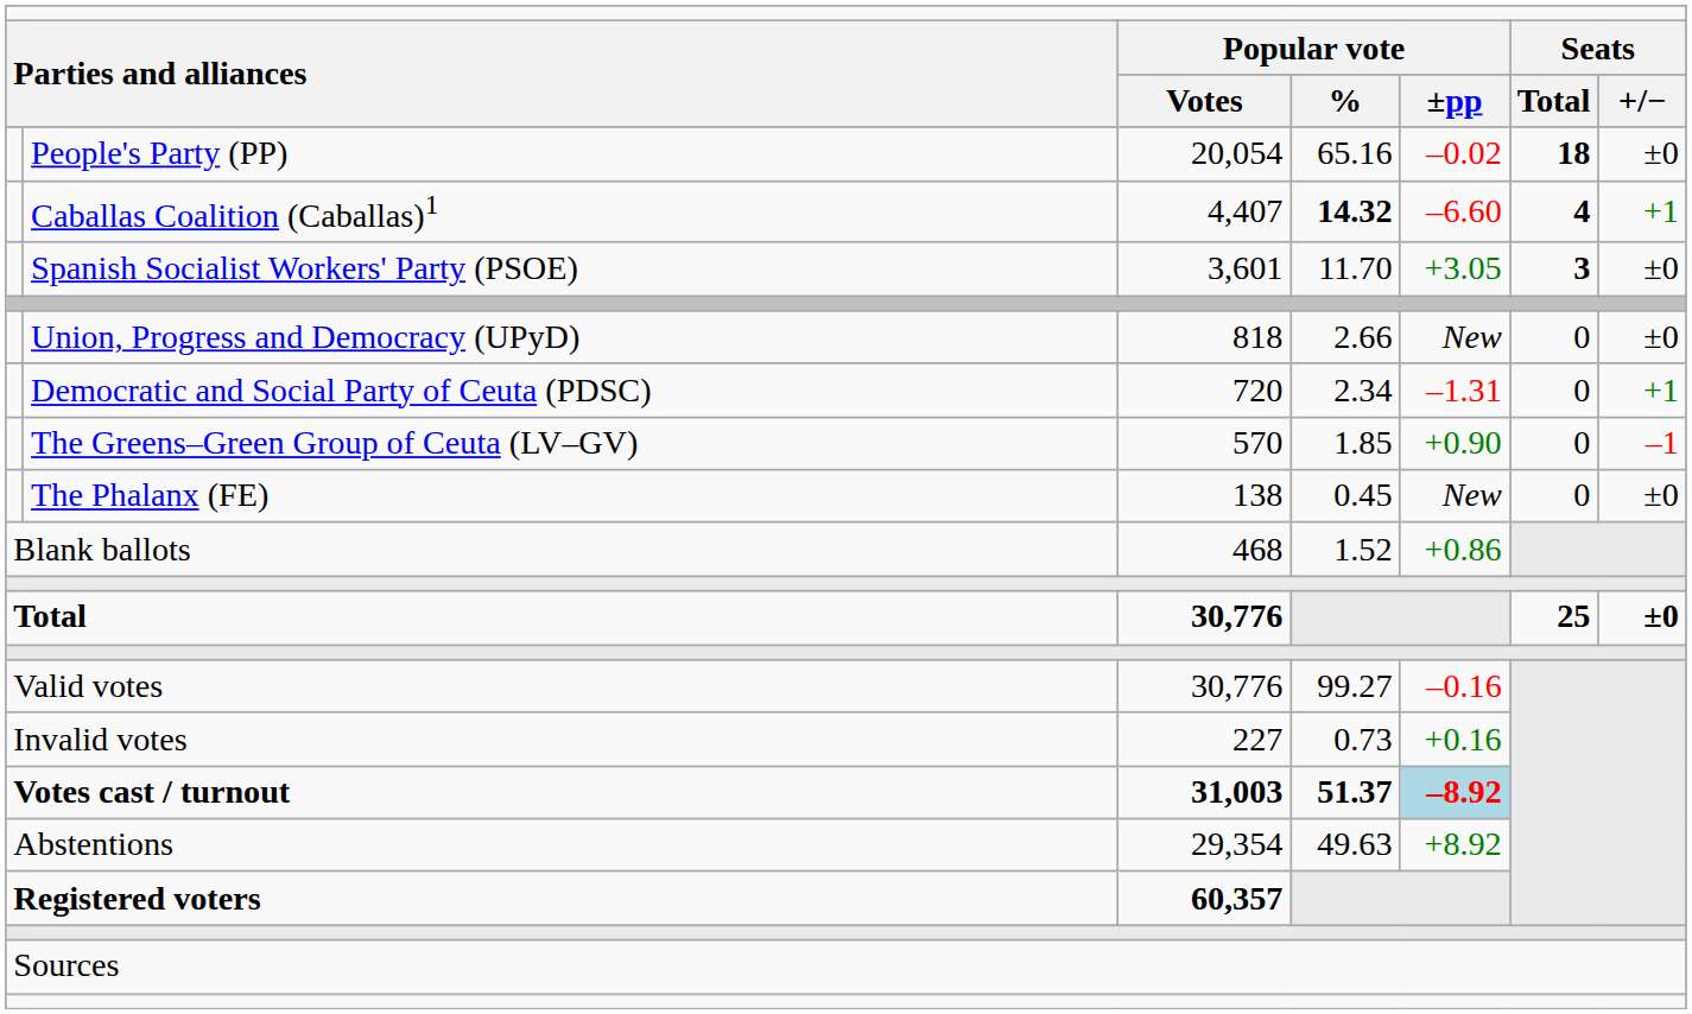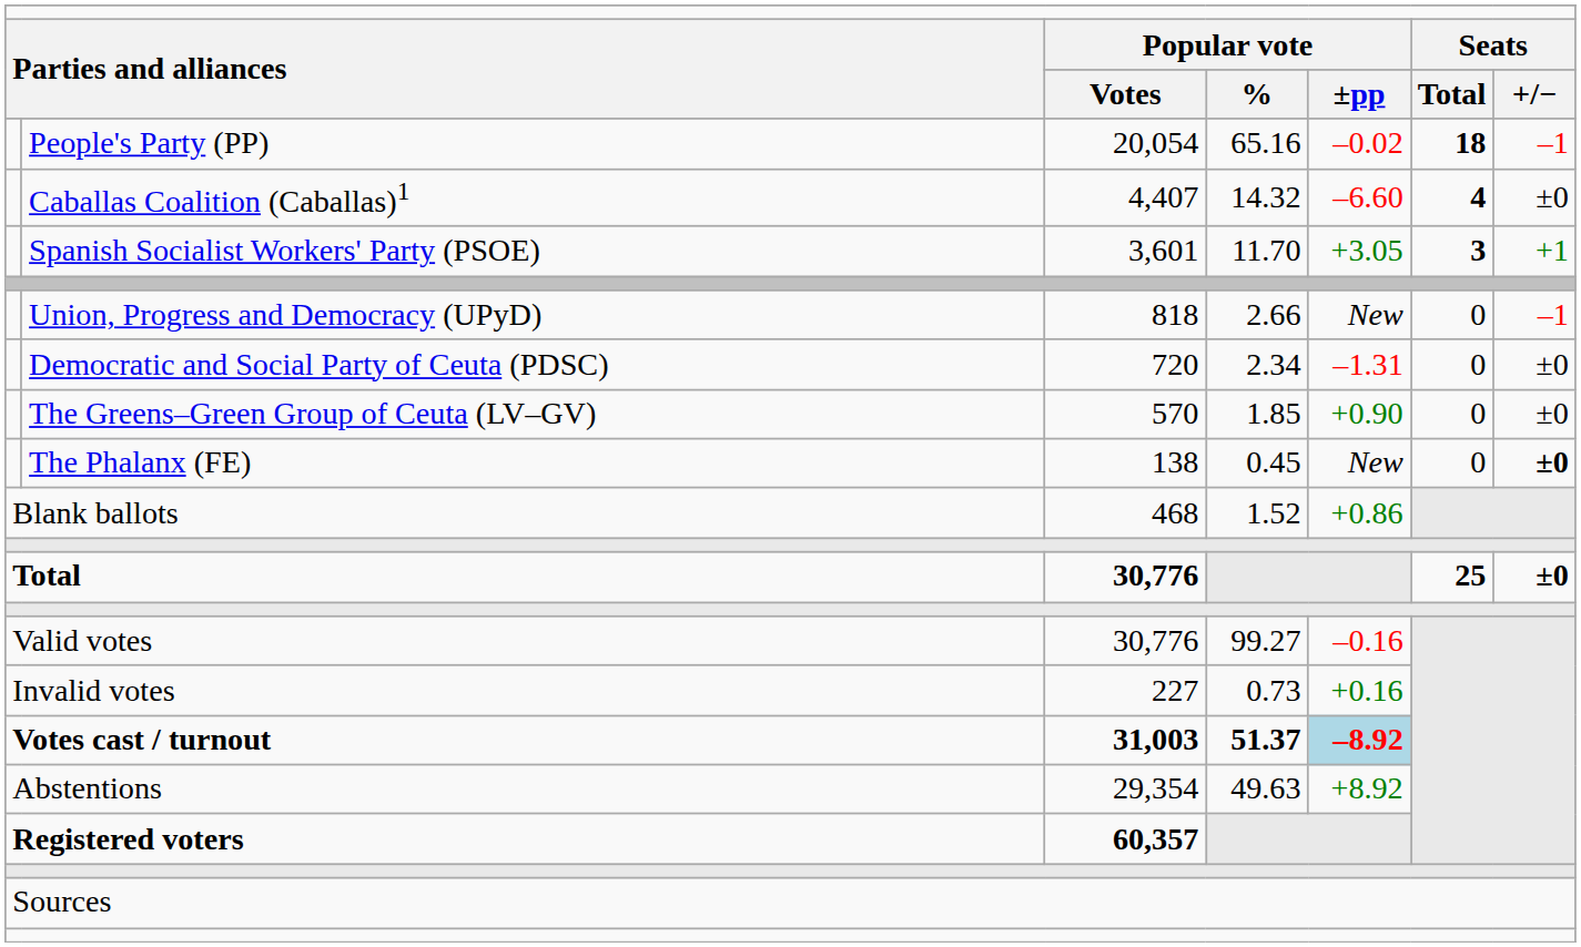 <table class="wikitable" style="text-align:right;">
 <tr>
 <td colspan="7"></td>
 </tr>
 <tr>
 <th style="text-align:left;" rowspan="2" colspan="2" width="525">Parties and alliances</th>
 <th colspan="3">Popular vote</th>
 <th colspan="2">Seats</th>
 </tr>
 <tr>
 <th width="75">Votes</th>
 <th width="45">%</th>
 <th width="45">±<a href='#'>pp</a></th>
 <th width="35">Total</th>
 <th width="35">+/−</th>
 </tr>
 <tr>
 <td width="1" style="color:inherit;background:"></td>
 <td align="left"><a href='#'>People's Party</a> (PP)</td>
 <td>20,054</td>
 <td>65.16</td>
 <td style="color:red;">–0.02</td>
 <td><strong>18</strong></td>
-<td>±0</td>
+<td style="color:red;">–1</td>
 </tr>
 <tr>
 <td style="color:inherit;background:"></td>
 <td align="left"><a href='#'>Caballas Coalition</a> (Caballas)<sup>1</sup></td>
 <td>4,407</td>
-<td><strong>14.32</strong></td>
+<td>14.32</td>
 <td style="color:red;">–6.60</td>
 <td><strong>4</strong></td>
-<td style="color:green;">+1</td>
+<td>±0</td>
 </tr>
 <tr>
 <td style="color:inherit;background:"></td>
 <td align="left"><a href='#'>Spanish Socialist Workers' Party</a> (PSOE)</td>
 <td>3,601</td>
 <td>11.70</td>
 <td style="color:green;">+3.05</td>
 <td><strong>3</strong></td>
-<td>±0</td>
+<td style="color:green;">+1</td>
 </tr>
 <tr>
 <td colspan="7" bgcolor="#C0C0C0"></td>
 </tr>
 <tr>
 <td style="color:inherit;background:"></td>
 <td align="left"><a href='#'>Union, Progress and Democracy</a> (UPyD)</td>
 <td>818</td>
 <td>2.66</td>
 <td><em>New</em></td>
 <td>0</td>
-<td>±0</td>
+<td style="color:red;">–1</td>
 </tr>
 <tr>
 <td style="color:inherit;background:"></td>
 <td align="left"><a href='#'>Democratic and Social Party of Ceuta</a> (PDSC)</td>
 <td>720</td>
 <td>2.34</td>
 <td style="color:red;">–1.31</td>
 <td>0</td>
-<td style="color:green;">+1</td>
+<td>±0</td>
 </tr>
 <tr>
 <td style="color:inherit;background:"></td>
 <td align="left"><a href='#'>The Greens–Green Group of Ceuta</a> (LV–GV)</td>
 <td>570</td>
 <td>1.85</td>
 <td style="color:green;">+0.90</td>
 <td>0</td>
-<td style="color:red;">–1</td>
+<td>±0</td>
 </tr>
 <tr>
 <td style="color:inherit;background:"></td>
 <td align="left"><a href='#'>The Phalanx</a> (FE)</td>
 <td>138</td>
 <td>0.45</td>
 <td><em>New</em></td>
 <td>0</td>
-<td>±0</td>
+<td><strong>±0</strong></td>
 </tr>
 <tr>
 <td align="left" colspan="2">Blank ballots</td>
 <td>468</td>
 <td>1.52</td>
 <td style="color:green;">+0.86</td>
 <td bgcolor="#E9E9E9" colspan="2"></td>
 </tr>
 <tr>
 <td colspan="7" bgcolor="#E9E9E9"></td>
 </tr>
 <tr style="font-weight:bold;">
 <td align="left" colspan="2">Total</td>
 <td>30,776</td>
 <td bgcolor="#E9E9E9" colspan="2"></td>
 <td>25</td>
 <td>±0</td>
 </tr>
 <tr>
 <td colspan="7" bgcolor="#E9E9E9"></td>
 </tr>
 <tr>
 <td align="left" colspan="2">Valid votes</td>
 <td>30,776</td>
 <td>99.27</td>
 <td style="color:red;">–0.16</td>
 <td bgcolor="#E9E9E9" colspan="2" rowspan="5"></td>
 </tr>
 <tr>
 <td align="left" colspan="2">Invalid votes</td>
 <td>227</td>
 <td>0.73</td>
 <td style="color:green;">+0.16</td>
 </tr>
 <tr style="font-weight:bold;">
 <td align="left" colspan="2">Votes cast / turnout</td>
 <td>31,003</td>
 <td>51.37</td>
 <td style="background: lightblue; color:red;">–8.92</td>
 </tr>
 <tr>
 <td align="left" colspan="2">Abstentions</td>
 <td>29,354</td>
 <td>49.63</td>
 <td style="color:green;">+8.92</td>
 </tr>
 <tr style="font-weight:bold;">
 <td align="left" colspan="2">Registered voters</td>
 <td>60,357</td>
 <td bgcolor="#E9E9E9" colspan="2"></td>
 </tr>
 <tr>
 <td colspan="7" bgcolor="#E9E9E9"></td>
 </tr>
 <tr>
 <td align="left" colspan="7">Sources</td>
 </tr>
 <tr>
 <td colspan="7" style="text-align:left; max-width:790px;"></td>
 </tr>
 </table>
